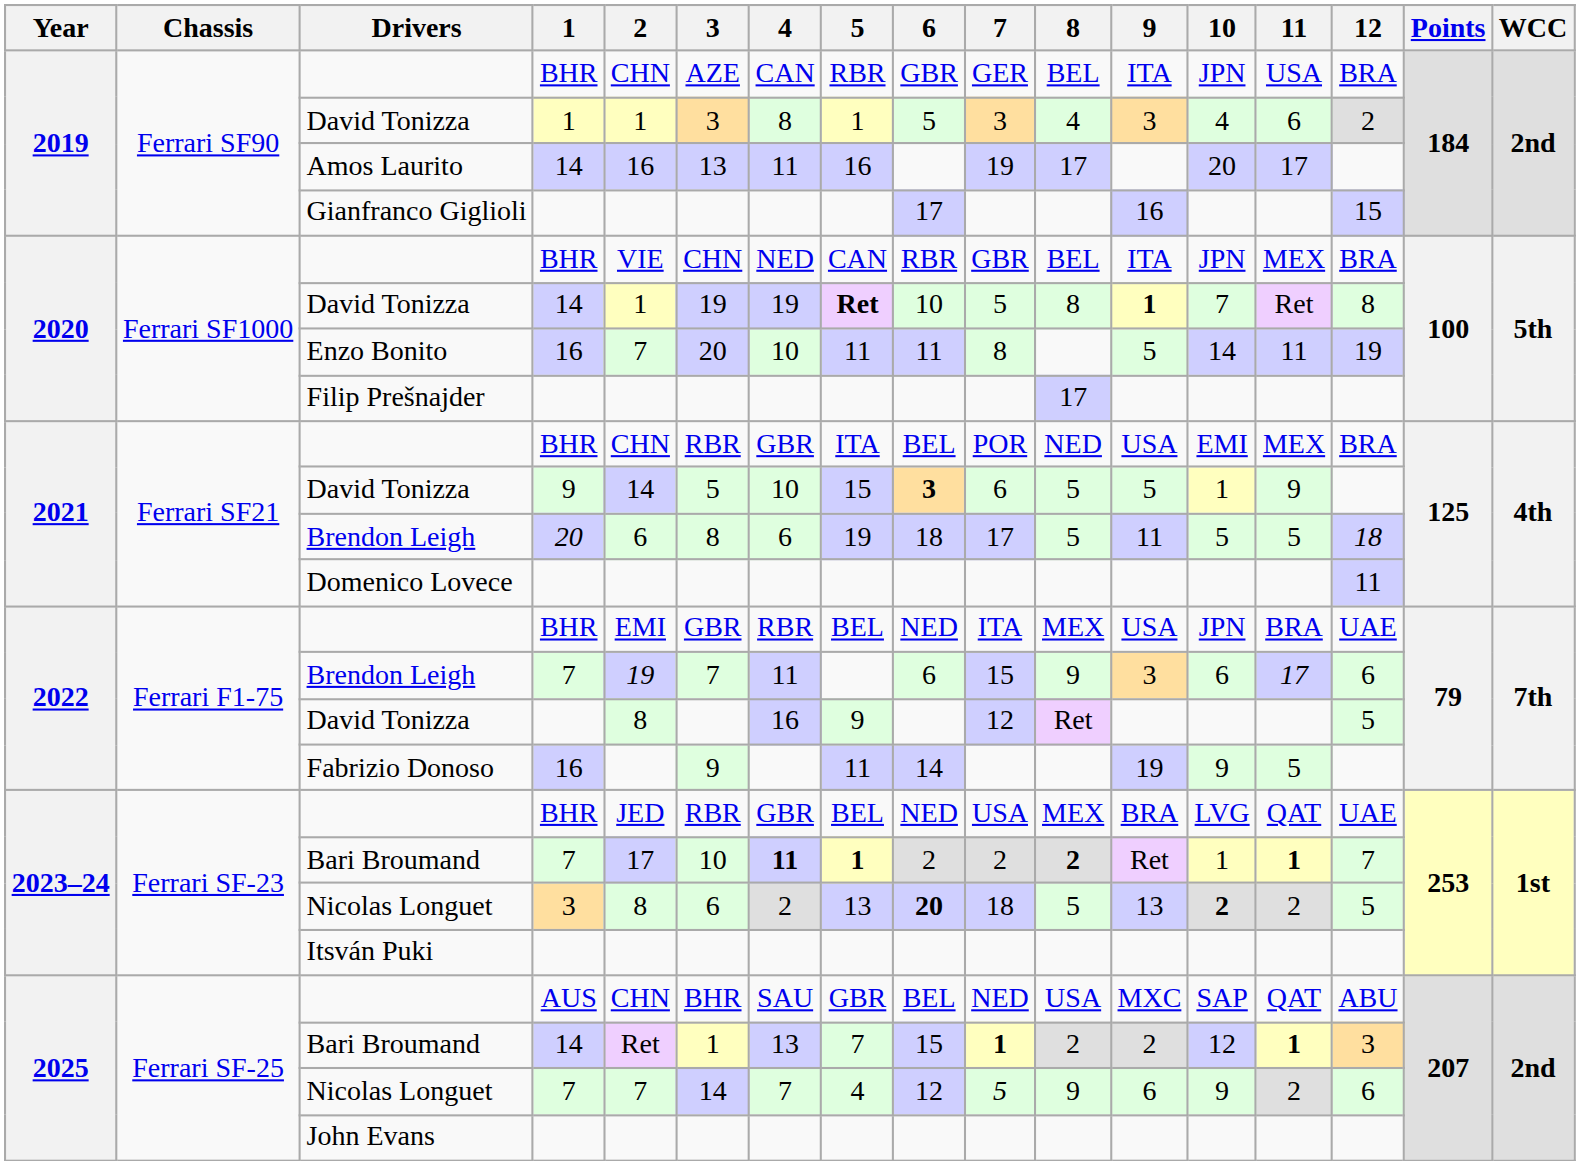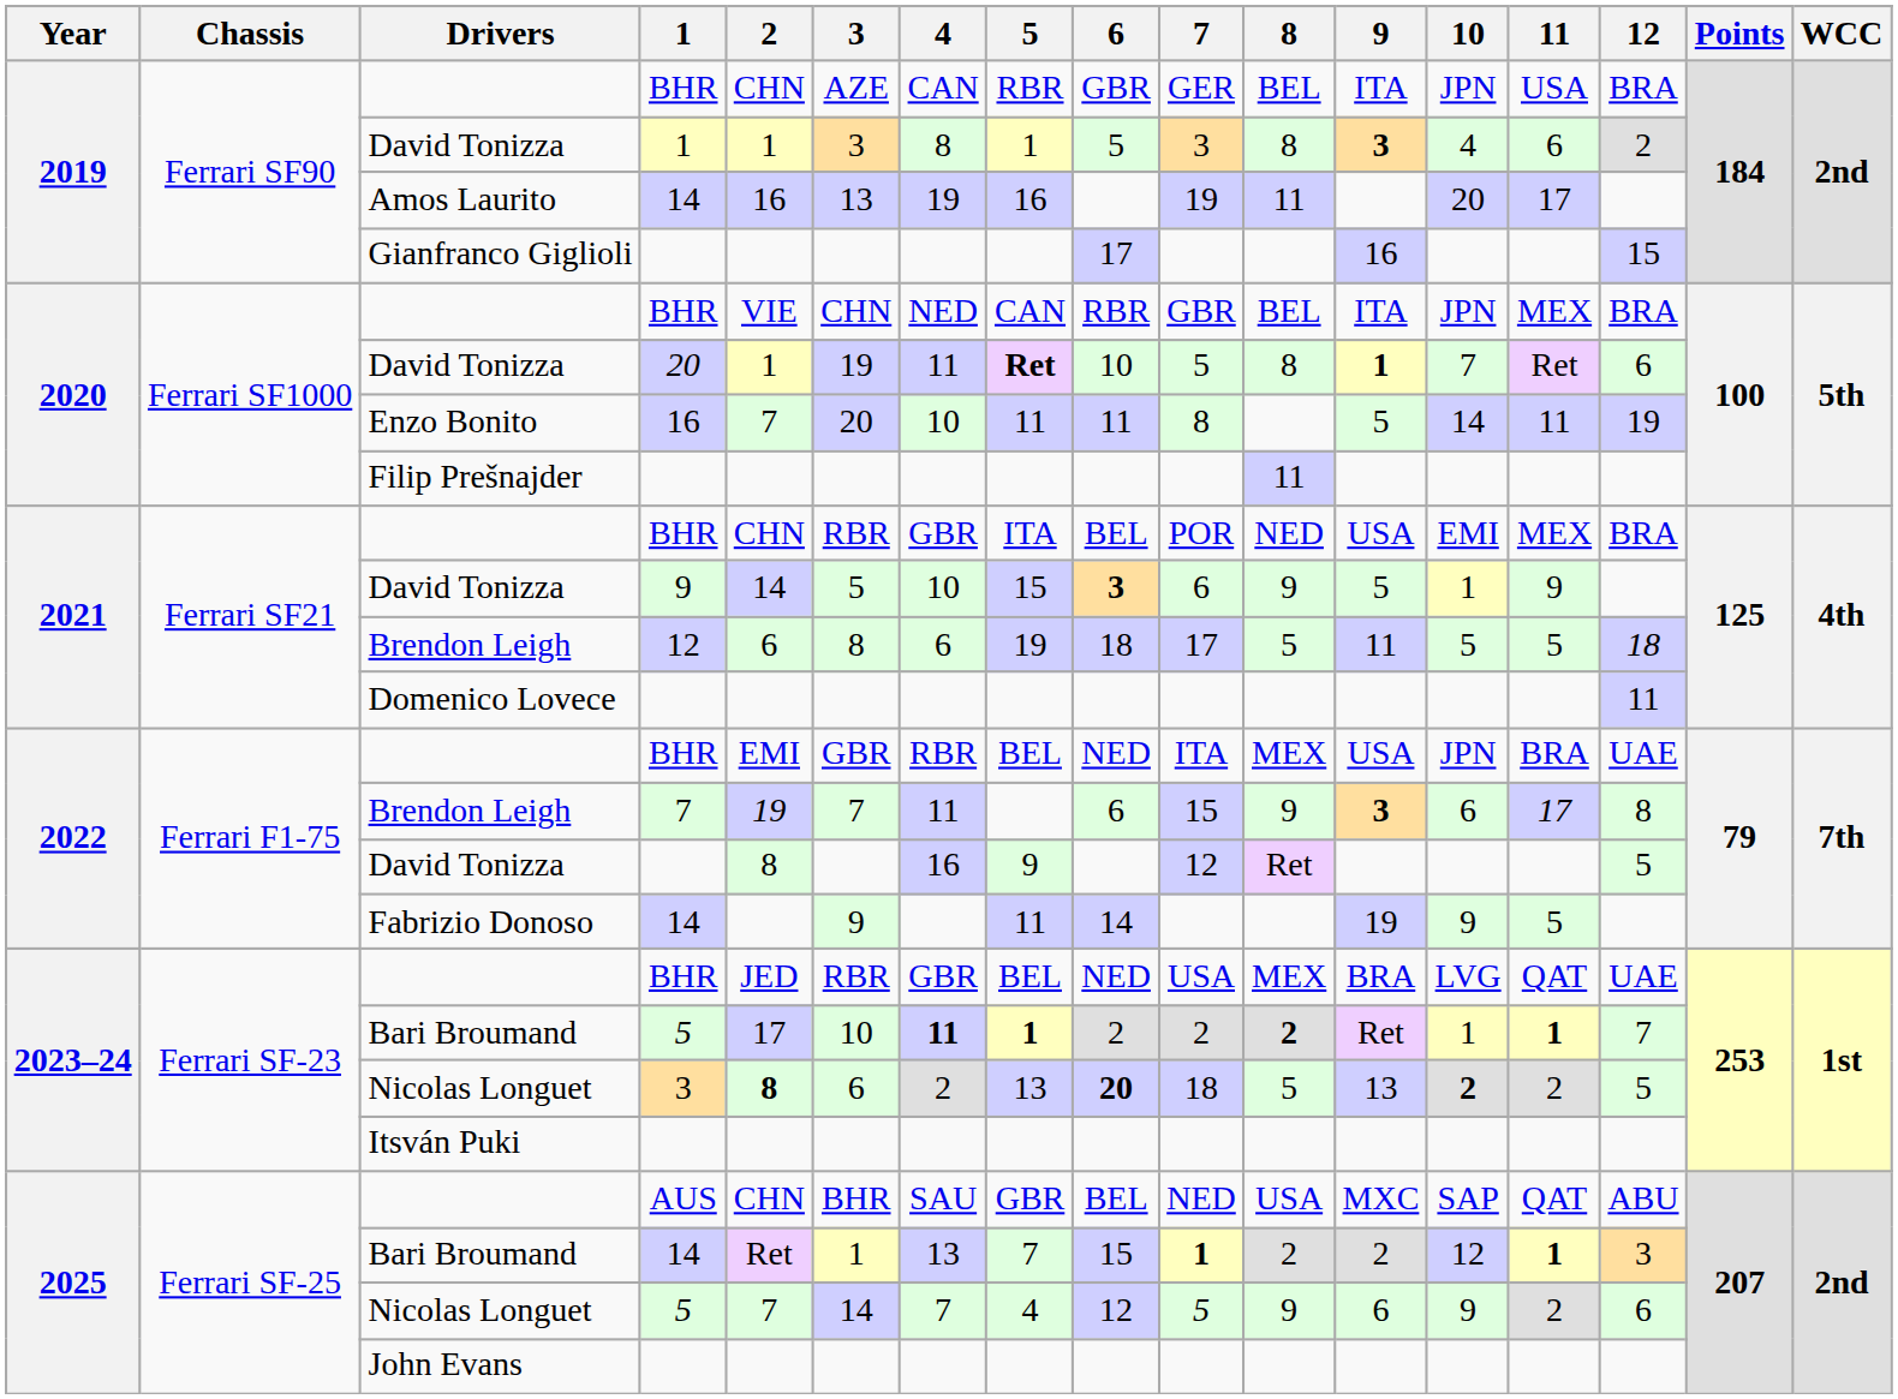 <table class="wikitable" style="text-align:center; font-size:85%">
 <tr>
 <th>Year</th>
 <th>Chassis</th>
 <th>Drivers</th>
 <th>1</th>
 <th>2</th>
 <th>3</th>
 <th>4</th>
 <th>5</th>
 <th>6</th>
 <th>7</th>
 <th>8</th>
 <th>9</th>
 <th>10</th>
 <th>11</th>
 <th>12</th>
 <th><a href='#'>Points</a></th>
 <th>WCC</th>
 </tr>
 <tr>
 <th rowspan="4"><a href='#'>2019</a></th>
 <td rowspan="4"><a href='#'>Ferrari SF90</a></td>
 <td></td>
 <td><a href='#'>BHR</a></td>
 <td><a href='#'>CHN</a></td>
 <td><a href='#'>AZE</a></td>
 <td><a href='#'>CAN</a></td>
 <td><a href='#'>RBR</a></td>
 <td><a href='#'>GBR</a></td>
 <td><a href='#'>GER</a></td>
 <td><a href='#'>BEL</a></td>
 <td><a href='#'>ITA</a></td>
 <td><a href='#'>JPN</a></td>
 <td><a href='#'>USA</a></td>
 <td><a href='#'>BRA</a></td>
 <th rowspan="4" style="background:#DFDFDF;">184</th>
 <th rowspan="4" style="background:#DFDFDF;">2nd</th>
 </tr>
 <tr>
 <td align="left"> David Tonizza</td>
 <td style="background:#FFFFBF">1</td>
 <td style="background:#FFFFBF">1</td>
 <td style="background:#FFDF9F">3</td>
 <td style="background:#DFFFDF">8</td>
 <td style="background:#FFFFBF">1</td>
 <td style="background:#DFFFDF">5</td>
 <td style="background:#FFDF9F">3</td>
-<td style="background:#DFFFDF">4</td>
-<td style="background:#FFDF9F">3</td>
+<td style="background:#DFFFDF">8</td>
+<td style="background:#FFDF9F"><strong>3</strong></td>
 <td style="background:#DFFFDF">4</td>
 <td style="background:#DFFFDF">6</td>
 <td style="background:#DFDFDF">2</td>
 </tr>
 <tr>
 <td align="left"> Amos Laurito</td>
 <td style="background:#CFCFFF">14</td>
 <td style="background:#CFCFFF">16</td>
 <td style="background:#CFCFFF">13</td>
-<td style="background:#CFCFFF">11</td>
+<td style="background:#CFCFFF">19</td>
 <td style="background:#CFCFFF">16</td>
 <td></td>
 <td style="background:#CFCFFF">19</td>
-<td style="background:#CFCFFF">17</td>
+<td style="background:#CFCFFF">11</td>
 <td></td>
 <td style="background:#CFCFFF">20</td>
 <td style="background:#CFCFFF">17</td>
 <td></td>
 </tr>
 <tr>
 <td align="left"> Gianfranco Giglioli</td>
 <td></td>
 <td></td>
 <td></td>
 <td></td>
 <td></td>
 <td style="background:#CFCFFF">17</td>
 <td></td>
 <td></td>
 <td style="background:#CFCFFF">16</td>
 <td></td>
 <td></td>
 <td style="background:#CFCFFF">15</td>
 </tr>
 <tr>
 <th rowspan="4"><a href='#'>2020</a></th>
 <td rowspan="4"><a href='#'>Ferrari SF1000</a></td>
 <td></td>
 <td><a href='#'>BHR</a></td>
 <td><a href='#'>VIE</a></td>
 <td><a href='#'>CHN</a></td>
 <td><a href='#'>NED</a></td>
 <td><a href='#'>CAN</a></td>
 <td><a href='#'>RBR</a></td>
 <td><a href='#'>GBR</a></td>
 <td><a href='#'>BEL</a></td>
 <td><a href='#'>ITA</a></td>
 <td><a href='#'>JPN</a></td>
 <td><a href='#'>MEX</a></td>
 <td><a href='#'>BRA</a></td>
 <th rowspan="4">100</th>
 <th rowspan="4">5th</th>
 </tr>
 <tr>
 <td align="left"> David Tonizza</td>
-<td style="background:#CFCFFF">14</td>
+<td style="background:#CFCFFF"><em>20</em></td>
 <td style="background:#FFFFBF">1</td>
 <td style="background:#CFCFFF">19</td>
-<td style="background:#CFCFFF">19</td>
+<td style="background:#CFCFFF">11</td>
 <td style="background:#EFCFFF"><strong>Ret</strong></td>
 <td style="background:#DFFFDF">10</td>
 <td style="background:#DFFFDF">5</td>
 <td style="background:#DFFFDF">8</td>
 <td style="background:#FFFFBF"><strong>1</strong></td>
 <td style="background:#DFFFDF">7</td>
 <td style="background:#EFCFFF">Ret</td>
-<td style="background:#DFFFDF">8</td>
+<td style="background:#DFFFDF">6</td>
 </tr>
 <tr>
 <td align="left"> Enzo Bonito</td>
 <td style="background:#CFCFFF">16</td>
 <td style="background:#DFFFDF">7</td>
 <td style="background:#CFCFFF">20</td>
 <td style="background:#DFFFDF">10</td>
 <td style="background:#CFCFFF">11</td>
 <td style="background:#CFCFFF">11</td>
 <td style="background:#DFFFDF">8</td>
 <td></td>
 <td style="background:#DFFFDF">5</td>
 <td style="background:#CFCFFF">14</td>
 <td style="background:#CFCFFF">11</td>
 <td style="background:#CFCFFF">19</td>
 </tr>
 <tr>
 <td align="left"> Filip Prešnajder</td>
 <td></td>
 <td></td>
 <td></td>
 <td></td>
 <td></td>
 <td></td>
 <td></td>
-<td style="background:#CFCFFF">17</td>
+<td style="background:#CFCFFF">11</td>
 <td></td>
 <td></td>
 <td></td>
 <td></td>
 </tr>
 <tr>
 <th rowspan="4"><a href='#'>2021</a></th>
 <td rowspan="4"><a href='#'>Ferrari SF21</a></td>
 <td></td>
 <td><a href='#'>BHR</a></td>
 <td><a href='#'>CHN</a></td>
 <td><a href='#'>RBR</a></td>
 <td><a href='#'>GBR</a></td>
 <td><a href='#'>ITA</a></td>
 <td><a href='#'>BEL</a></td>
 <td><a href='#'>POR</a></td>
 <td><a href='#'>NED</a></td>
 <td><a href='#'>USA</a></td>
 <td><a href='#'>EMI</a></td>
 <td><a href='#'>MEX</a></td>
 <td><a href='#'>BRA</a></td>
 <th rowspan="4">125</th>
 <th rowspan="4">4th</th>
 </tr>
 <tr>
 <td align="left"> David Tonizza</td>
 <td style="background:#DFFFDF">9</td>
 <td style="background:#CFCFFF">14</td>
 <td style="background:#DFFFDF">5</td>
 <td style="background:#DFFFDF">10</td>
 <td style="background:#CFCFFF">15</td>
 <td style="background:#FFDF9F"><strong>3</strong></td>
 <td style="background:#DFFFDF">6</td>
-<td style="background:#DFFFDF">5</td>
+<td style="background:#DFFFDF">9</td>
 <td style="background:#DFFFDF">5</td>
 <td style="background:#FFFFBF">1</td>
 <td style="background:#DFFFDF">9</td>
 <td style="background:"></td>
 </tr>
 <tr>
 <td align="left"> <a href='#'>Brendon Leigh</a></td>
-<td style="background:#CFCFFF"><em>20</em></td>
+<td style="background:#CFCFFF">12</td>
 <td style="background:#DFFFDF">6</td>
 <td style="background:#DFFFDF">8</td>
 <td style="background:#DFFFDF">6</td>
 <td style="background:#CFCFFF">19</td>
 <td style="background:#CFCFFF">18</td>
 <td style="background:#CFCFFF">17</td>
 <td style="background:#DFFFDF">5</td>
 <td style="background:#CFCFFF">11</td>
 <td style="background:#DFFFDF">5</td>
 <td style="background:#DFFFDF">5</td>
 <td style="background:#CFCFFF"><em>18</em></td>
 </tr>
 <tr>
 <td align="left"> Domenico Lovece</td>
 <td style="background:"></td>
 <td style="background:"></td>
 <td style="background:"></td>
 <td style="background:"></td>
 <td style="background:"></td>
 <td style="background:"></td>
 <td style="background:"></td>
 <td style="background:"></td>
 <td style="background:"></td>
 <td style="background:"></td>
 <td style="background:"></td>
 <td style="background:#CFCFFF">11</td>
 </tr>
 <tr>
 <th rowspan="4"><a href='#'>2022</a></th>
 <td rowspan="4"><a href='#'>Ferrari F1-75</a></td>
 <td></td>
 <td><a href='#'>BHR</a></td>
 <td><a href='#'>EMI</a></td>
 <td><a href='#'>GBR</a></td>
 <td><a href='#'>RBR</a></td>
 <td><a href='#'>BEL</a></td>
 <td><a href='#'>NED</a></td>
 <td><a href='#'>ITA</a></td>
 <td><a href='#'>MEX</a></td>
 <td><a href='#'>USA</a></td>
 <td><a href='#'>JPN</a></td>
 <td><a href='#'>BRA</a></td>
 <td><a href='#'>UAE</a></td>
 <th rowspan="4">79</th>
 <th rowspan="4">7th</th>
 </tr>
 <tr>
 <td align="left"> <a href='#'>Brendon Leigh</a></td>
 <td style="background: #DFFFDF">7</td>
 <td style="background: #CFCFFF"><em>19</em></td>
 <td style="background: #DFFFDF">7</td>
 <td style="background:#CFCFFF">11</td>
 <td style="background:"></td>
 <td style="background:#DFFFDF">6</td>
 <td style="background: #CFCFFF">15</td>
 <td style="background: #DFFFDF">9</td>
-<td style="background: #FFDF9F">3</td>
+<td style="background: #FFDF9F"><strong>3</strong></td>
 <td style="background: #DFFFDF">6</td>
 <td style="background: #CFCFFF"><em>17</em></td>
-<td style="background:#DFFFDF">6</td>
+<td style="background:#DFFFDF">8</td>
 </tr>
 <tr>
 <td align="left"> David Tonizza</td>
 <td style="background:"></td>
 <td style="background: #DFFFDF">8</td>
 <td style="background:"></td>
 <td style="background: #CFCFFF">16</td>
 <td style="background: #DFFFDF">9</td>
 <td style="background:"></td>
 <td style="background: #CFCFFF">12</td>
 <td style="background: #EFCFFF">Ret</td>
 <td style="background:"></td>
 <td style="background:"></td>
 <td style="background:"></td>
 <td style="background:#DFFFDF">5</td>
 </tr>
 <tr>
 <td align="left"> Fabrizio Donoso</td>
-<td style="background: #CFCFFF">16</td>
+<td style="background: #CFCFFF">14</td>
 <td style="background:"></td>
 <td style="background: #DFFFDF">9</td>
 <td style="background:"></td>
 <td style="background: #CFCFFF">11</td>
 <td style="background: #CFCFFF">14</td>
 <td style="background:"></td>
 <td style="background:"></td>
 <td style="background: #CFCFFF">19</td>
 <td style="background: #DFFFDF">9</td>
 <td style="background: #DFFFDF">5</td>
 <td style="background:"></td>
 </tr>
 <tr>
 <th rowspan="4"><a href='#'>2023–24</a></th>
 <td rowspan="4"><a href='#'>Ferrari SF-23</a></td>
 <td></td>
 <td><a href='#'>BHR</a></td>
 <td><a href='#'>JED</a></td>
 <td><a href='#'>RBR</a></td>
 <td><a href='#'>GBR</a></td>
 <td><a href='#'>BEL</a></td>
 <td><a href='#'>NED</a></td>
 <td><a href='#'>USA</a></td>
 <td><a href='#'>MEX</a></td>
 <td><a href='#'>BRA</a></td>
 <td><a href='#'>LVG</a></td>
 <td><a href='#'>QAT</a></td>
 <td><a href='#'>UAE</a></td>
 <th rowspan="4" style="background: #FFFFBF">253</th>
 <th rowspan="4" style="background: #FFFFBF">1st</th>
 </tr>
 <tr>
 <td align="left"> Bari Broumand</td>
-<td style="background: #DFFFDF">7</td>
+<td style="background: #DFFFDF"><em>5</em></td>
 <td style="background: #CFCFFF">17</td>
 <td style="background: #DFFFDF">10</td>
 <td style="background: #CFCFFF"><strong>11</strong></td>
 <td style="background: #FFFFBF"><strong>1</strong></td>
 <td style="background: #DFDFDF">2</td>
 <td style="background: #DFDFDF">2</td>
 <td style="background: #DFDFDF"><strong>2</strong></td>
 <td style="background: #EFCFFF">Ret</td>
 <td style="background: #FFFFBF">1</td>
 <td style="background: #FFFFBF"><strong>1</strong></td>
 <td style="background: #DFFFDF">7</td>
 </tr>
 <tr>
 <td align="left"> Nicolas Longuet</td>
 <td style="background: #FFDF9F">3</td>
-<td style="background: #DFFFDF">8</td>
+<td style="background: #DFFFDF"><strong>8</strong></td>
 <td style="background: #DFFFDF">6</td>
 <td style="background: #DFDFDF">2</td>
 <td style="background: #CFCFFF">13</td>
 <td style="background: #CFCFFF"><strong>20</strong></td>
 <td style="background: #CFCFFF">18</td>
 <td style="background: #DFFFDF">5</td>
 <td style="background: #CFCFFF">13</td>
 <td style="background: #DFDFDF"><strong>2</strong></td>
 <td style="background: #DFDFDF">2</td>
 <td style="background: #DFFFDF">5</td>
 </tr>
 <tr>
 <td align="left"> Itsván Puki</td>
 <td style="background:"></td>
 <td style="background:"></td>
 <td style="background:"></td>
 <td style="background:"></td>
 <td style="background:"></td>
 <td style="background:"></td>
 <td style="background:"></td>
 <td style="background:"></td>
 <td style="background:"></td>
 <td style="background:"></td>
 <td style="background:"></td>
 <td style="background:"></td>
 </tr>
 <tr>
 <th rowspan="5"><a href='#'>2025</a></th>
 <td rowspan="5"><a href='#'>Ferrari SF-25</a></td>
 <td></td>
 <td><a href='#'>AUS</a></td>
 <td><a href='#'>CHN</a></td>
 <td><a href='#'>BHR</a></td>
 <td><a href='#'>SAU</a></td>
 <td><a href='#'>GBR</a></td>
 <td><a href='#'>BEL</a></td>
 <td><a href='#'>NED</a></td>
 <td><a href='#'>USA</a></td>
 <td><a href='#'>MXC</a></td>
 <td><a href='#'>SAP</a></td>
 <td><a href='#'>QAT</a></td>
 <td><a href='#'>ABU</a></td>
 <th rowspan="4" style="background: #DFDFDF">207</th>
 <th rowspan="4" style="background: #DFDFDF">2nd</th>
 </tr>
 <tr>
 <td align="left"> Bari Broumand</td>
 <td style="background: #CFCFFF">14</td>
 <td style="background: #EFCFFF">Ret</td>
 <td style="background: #FFFFBF">1</td>
 <td style="background: #CFCFFF">13</td>
 <td style="background: #DFFFDF">7</td>
 <td style="background: #CFCFFF">15</td>
 <td style="background: #FFFFBF"><strong>1</strong></td>
 <td style="background: #DFDFDF">2</td>
 <td style="background: #DFDFDF">2</td>
 <td style="background: #CFCFFF">12</td>
 <td style="background: #FFFFBF"><strong>1</strong></td>
 <td style="background: #FFDF9F">3</td>
 </tr>
 <tr>
 <td align="left"> Nicolas Longuet</td>
-<td style="background: #DFFFDF">7</td>
+<td style="background: #DFFFDF"><em>5</em></td>
 <td style="background: #DFFFDF">7</td>
 <td style="background: #CFCFFF">14</td>
 <td style="background: #DFFFDF">7</td>
 <td style="background: #DFFFDF">4</td>
 <td style="background: #CFCFFF">12</td>
 <td style="background: #DFFFDF"><em>5</em></td>
 <td style="background: #DFFFDF">9</td>
 <td style="background: #DFFFDF">6</td>
 <td style="background: #DFFFDF">9</td>
 <td style="background: #DFDFDF">2</td>
 <td style="background: #DFFFDF">6</td>
 </tr>
 <tr>
 <td align="left"> John Evans</td>
 <td style="background:"></td>
 <td style="background:"></td>
 <td style="background:"></td>
 <td style="background:"></td>
 <td style="background:"></td>
 <td style="background:"></td>
 <td style="background:"></td>
 <td style="background:"></td>
 <td style="background:"></td>
 <td style="background:"></td>
 <td style="background:"></td>
 <td style="background:"></td>
 </tr>
 </table>
